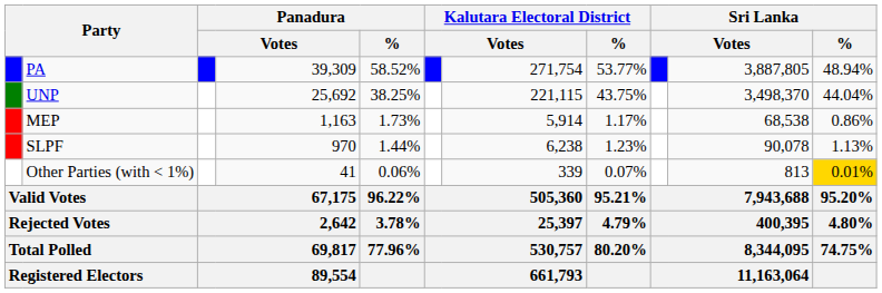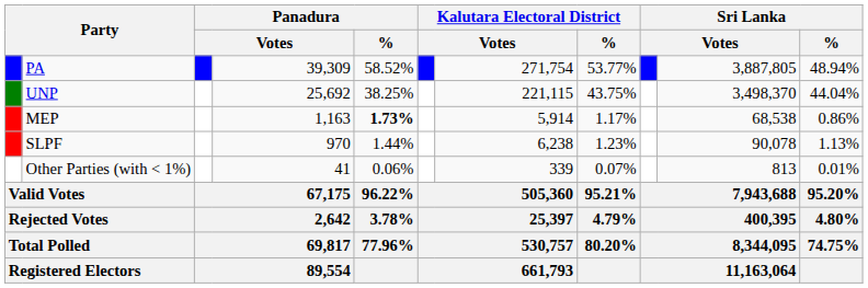 <table class="wikitable">
 <tr>
 <th colspan="2" width="144px"rowspan="2">Party</th>
 <th colspan="3" width="216px">Panadura</th>
 <th colspan="3" width="216px"><a href='#'>Kalutara Electoral District</a></th>
 <th colspan="3" width="216px">Sri Lanka</th>
 </tr>
 <tr>
 <th colspan="2" width="144px">Votes</th>
 <th>%</th>
 <th colspan="2" width="144px">Votes</th>
 <th>%</th>
 <th colspan="2" width="144px">Votes</th>
 <th>%</th>
 </tr>
 <tr>
 <td style="background-color:blue;" width="10px"></td>
 <td style="text-align:left;"><a href='#'>PA</a></td>
 <td style="background-color:blue;" width="10px"></td>
 <td style="text-align:right;">39,309</td>
 <td style="text-align:right;">58.52%</td>
 <td style="background-color:blue;" width="10px"></td>
 <td style="text-align:right;">271,754</td>
 <td style="text-align:right;">53.77%</td>
 <td style="background-color:blue;" width="10px"></td>
 <td style="text-align:right;">3,887,805</td>
 <td style="text-align:right;">48.94%</td>
 </tr>
 <tr>
 <td style="background-color:green;" width="10px"></td>
 <td style="text-align:left;"><a href='#'>UNP</a></td>
 <td style="background-color:white;" width="10px"></td>
 <td style="text-align:right;">25,692</td>
 <td style="text-align:right;">38.25%</td>
 <td style="background-color:white;" width="10px"></td>
 <td style="text-align:right;">221,115</td>
 <td style="text-align:right;">43.75%</td>
 <td style="background-color:white;" width="10px"></td>
 <td style="text-align:right;">3,498,370</td>
 <td style="text-align:right;">44.04%</td>
 </tr>
 <tr>
 <td style="background-color:red;" width="10px"></td>
 <td style="text-align:left;">MEP</td>
 <td style="background-color:white;" width="10px"></td>
 <td style="text-align:right;">1,163</td>
-<td style="text-align:right;">1.73%</td>
+<td style="text-align:right;"><strong>1.73%</strong></td>
 <td style="background-color:white;" width="10px"></td>
 <td style="text-align:right;">5,914</td>
 <td style="text-align:right;">1.17%</td>
 <td style="background-color:white;" width="10px"></td>
 <td style="text-align:right;">68,538</td>
 <td style="text-align:right;">0.86%</td>
 </tr>
 <tr>
 <td style="background-color:red;" width="10px"></td>
 <td style="text-align:left;">SLPF</td>
 <td style="background-color:white;" width="10px"></td>
 <td style="text-align:right;">970</td>
 <td style="text-align:right;">1.44%</td>
 <td style="background-color:white;" width="10px"></td>
 <td style="text-align:right;">6,238</td>
 <td style="text-align:right;">1.23%</td>
 <td style="background-color:white;" width="10px"></td>
 <td style="text-align:right;">90,078</td>
 <td style="text-align:right;">1.13%</td>
 </tr>
 <tr>
 <td style="background-color:white;" width="10px"></td>
 <td style="text-align:left;">Other Parties (with < 1%)</td>
 <td style="background-color:white;" width="10px"></td>
 <td style="text-align:right;">41</td>
 <td style="text-align:right;">0.06%</td>
 <td style="background-color:white;" width="10px"></td>
 <td style="text-align:right;">339</td>
 <td style="text-align:right;">0.07%</td>
 <td style="background-color:white;" width="10px"></td>
 <td style="text-align:right;">813</td>
-<td style="background: gold; text-align:right;">0.01%</td>
+<td style="text-align:right;">0.01%</td>
 </tr>
 <tr>
 <th colspan="2" width="144px"style="text-align:left;">Valid Votes</th>
 <th style="text-align:right;"colspan="2" width="144px">67,175</th>
 <th style="text-align:right;">96.22%</th>
 <th style="text-align:right;"colspan="2" width="144px">505,360</th>
 <th style="text-align:right;">95.21%</th>
 <th style="text-align:right;"colspan="2" width="144px">7,943,688</th>
 <th style="text-align:right;">95.20%</th>
 </tr>
 <tr>
 <th colspan="2" width="144px"style="text-align:left;">Rejected Votes</th>
 <th style="text-align:right;"colspan="2" width="144px">2,642</th>
 <th style="text-align:right;">3.78%</th>
 <th style="text-align:right;"colspan="2" width="144px">25,397</th>
 <th style="text-align:right;">4.79%</th>
 <th style="text-align:right;"colspan="2" width="144px">400,395</th>
 <th style="text-align:right;">4.80%</th>
 </tr>
 <tr>
 <th colspan="2" width="144px"style="text-align:left;">Total Polled</th>
 <th style="text-align:right;"colspan="2" width="144px">69,817</th>
 <th style="text-align:right;">77.96%</th>
 <th style="text-align:right;"colspan="2" width="144px">530,757</th>
 <th style="text-align:right;">80.20%</th>
 <th style="text-align:right;"colspan="2" width="144px">8,344,095</th>
 <th style="text-align:right;">74.75%</th>
 </tr>
 <tr>
 <th colspan="2" width="144px"style="text-align:left;">Registered Electors</th>
 <th style="text-align:right;"colspan="2" width="144px">89,554</th>
 <th></th>
 <th style="text-align:right;"colspan="2" width="144px">661,793</th>
 <th></th>
 <th style="text-align:right;"colspan="2" width="144px">11,163,064</th>
 <th></th>
 </tr>
 </table>
